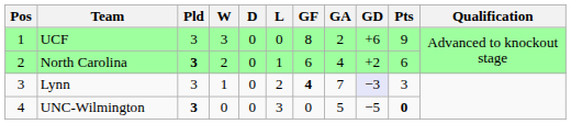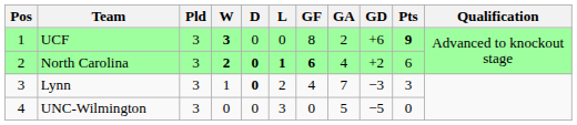 <table class="wikitable" style="text-align:center; margin: 1em auto">
 <tr>
 <th style="width:2em">Pos</th>
 <th style="width:13em">Team</th>
 <th style="width:2em">Pld</th>
 <th style="width:2em">W</th>
 <th style="width:2em">D</th>
 <th style="width:2em">L</th>
 <th style="width:2em">GF</th>
 <th style="width:2em">GA</th>
 <th style="width:2em">GD</th>
 <th style="width:2em">Pts</th>
 <th style="width:13em">Qualification</th>
 </tr>
 <tr bgcolor="#9eff9e">
 <td>1</td>
 <td style="text-align:left">UCF</td>
 <td>3</td>
-<td>3</td>
+<td><strong>3</strong></td>
 <td>0</td>
 <td>0</td>
 <td>8</td>
 <td>2</td>
 <td>+6</td>
-<td>9</td>
+<td><strong>9</strong></td>
 <td rowspan="2">Advanced to knockout stage</td>
 </tr>
 <tr bgcolor="#9eff9e">
 <td>2</td>
 <td style="text-align:left">North Carolina</td>
-<td><strong>3</strong></td>
-<td>2</td>
-<td>0</td>
-<td>1</td>
-<td>6</td>
+<td>3</td>
+<td><strong>2</strong></td>
+<td><strong>0</strong></td>
+<td><strong>1</strong></td>
+<td><strong>6</strong></td>
 <td>4</td>
 <td>+2</td>
 <td>6</td>
 </tr>
 <tr>
 <td>3</td>
 <td style="text-align:left">Lynn</td>
 <td>3</td>
 <td>1</td>
-<td>0</td>
+<td><strong>0</strong></td>
 <td>2</td>
-<td><strong>4</strong></td>
+<td>4</td>
 <td>7</td>
-<td style="background: lavender;">−3</td>
+<td>−3</td>
 <td>3</td>
 <td rowspan="2"></td>
 </tr>
 <tr>
 <td>4</td>
 <td style="text-align:left">UNC-Wilmington</td>
-<td><strong>3</strong></td>
+<td>3</td>
 <td>0</td>
 <td>0</td>
 <td>3</td>
 <td>0</td>
 <td>5</td>
 <td>−5</td>
-<td><strong>0</strong></td>
+<td>0</td>
 </tr>
 </table>
